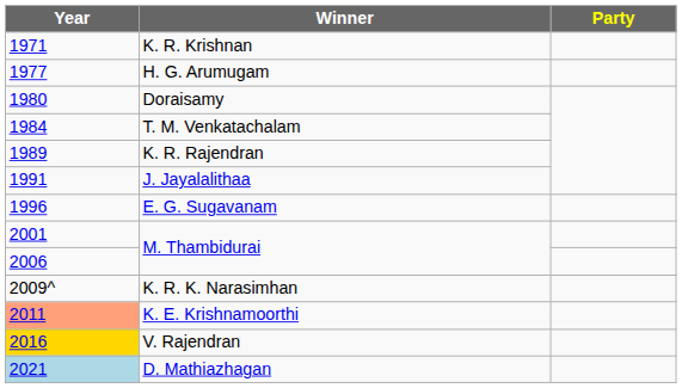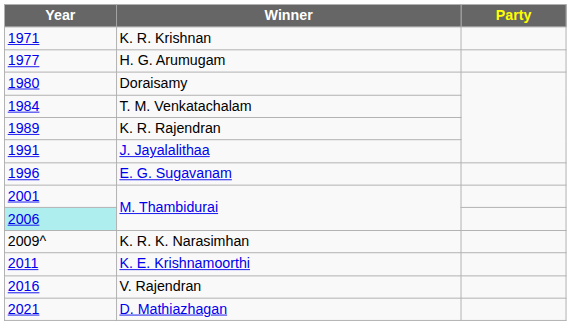 <table class="wikitable sortable" width="50%">
 <tr>
 <th style="background-color:#666666; color:white">Year</th>
 <th style="background-color:#666666; color:white">Winner</th>
 <th style="background-color:#666666; color:yellow" colspan="2">Party</th>
 </tr>
 <tr>
 <td><a href='#'>1971</a></td>
 <td>K. R. Krishnan</td>
 <td></td>
 </tr>
 <tr>
 <td><a href='#'>1977</a></td>
 <td>H. G. Arumugam</td>
 <td></td>
 </tr>
 <tr>
 <td><a href='#'>1980</a></td>
 <td>Doraisamy</td>
 </tr>
 <tr>
 <td><a href='#'>1984</a></td>
 <td>T. M. Venkatachalam</td>
 </tr>
 <tr>
 <td><a href='#'>1989</a></td>
 <td>K. R. Rajendran</td>
 </tr>
 <tr>
 <td><a href='#'>1991</a></td>
 <td><a href='#'>J. Jayalalithaa</a></td>
 </tr>
 <tr>
 <td><a href='#'>1996</a></td>
 <td><a href='#'>E. G. Sugavanam</a></td>
 <td></td>
 </tr>
 <tr>
 <td><a href='#'>2001</a></td>
 <td rowspan=2><a href='#'>M. Thambidurai</a></td>
 <td></td>
 </tr>
 <tr>
-<td><a href='#'>2006</a></td>
+<td style="background: paleturquoise;"><a href='#'>2006</a></td>
 </tr>
 <tr>
 <td>2009^</td>
 <td>K. R. K. Narasimhan</td>
 <td></td>
 </tr>
 <tr>
-<td style="background: lightsalmon;"><a href='#'>2011</a></td>
+<td><a href='#'>2011</a></td>
 <td><a href='#'>K. E. Krishnamoorthi</a></td>
 <td></td>
 </tr>
 <tr>
-<td style="background: gold;"><a href='#'>2016</a></td>
+<td><a href='#'>2016</a></td>
 <td>V. Rajendran</td>
 </tr>
 <tr>
-<td style="background: lightblue;"><a href='#'>2021</a></td>
+<td><a href='#'>2021</a></td>
 <td><a href='#'>D. Mathiazhagan</a></td>
 <td></td>
 </tr>
 </table>
